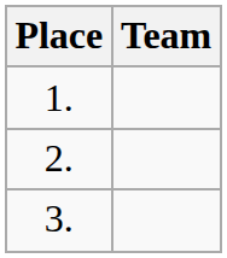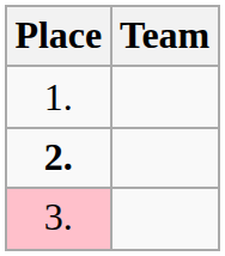 <table class="wikitable" style="text-align: center;">
 <tr>
 <th>Place</th>
 <th>Team</th>
 </tr>
 <tr>
 <td>1.</td>
 <td style="text-align:left;"><strong></strong> </td>
 </tr>
 <tr>
-<td>2.</td>
+<td><strong>2.</strong></td>
 <td style="text-align:left;"><strong></strong> </td>
 </tr>
 <tr>
-<td>3.</td>
+<td style="background: pink;">3.</td>
 <td style="text-align:left;"><strong></strong> </td>
 </tr>
 </table>
